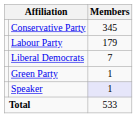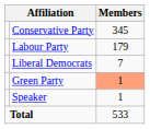 <table class="wikitable">
 <tr>
 <th colspan="2">Affiliation</th>
 <th>Members</th>
 </tr>
 <tr>
 <td style="color:inherit;background:"></td>
 <td><a href='#'>Conservative Party</a></td>
 <td style="text-align:center;">345</td>
 </tr>
 <tr>
 <td style="color:inherit;background:"></td>
 <td><a href='#'>Labour Party</a></td>
 <td style="text-align:center;">179</td>
 </tr>
 <tr>
 <td style="color:inherit;background:"></td>
 <td><a href='#'>Liberal Democrats</a></td>
 <td style="text-align:center;">7</td>
 </tr>
 <tr>
 <td style="color:inherit;background:"></td>
 <td><a href='#'>Green Party</a></td>
-<td style="text-align:center;">1</td>
+<td style="background: lightsalmon; text-align:center;">1</td>
 </tr>
 <tr>
 <td style="color:inherit;background:"></td>
 <td><a href='#'>Speaker</a></td>
-<td style="background: lavender; text-align:center;">1</td>
+<td style="text-align:center;">1</td>
 </tr>
 <tr>
 <td colspan="2" rowspan="1"> <strong>Total</strong></td>
 <td align="center">533</td>
 </tr>
 </table>
